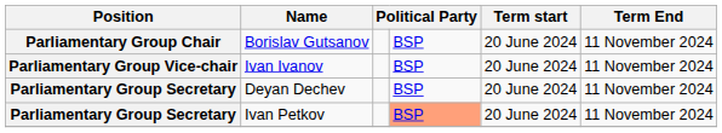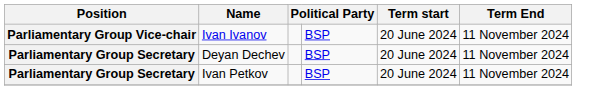 <table class="wikitable plainrowheaders">
 <tr>
 <th>Position</th>
 <th>Name</th>
 <th colspan="2">Political Party</th>
 <th>Term start</th>
 <th>Term End</th>
-</tr>
-<tr>
-<th>Parliamentary Group Chair</th>
-<td><a href='#'>Borislav Gutsanov</a></td>
-<td style="background:"></td>
-<td><a href='#'>BSP</a></td>
-<td>20 June 2024</td>
-<td>11 November 2024</td>
 </tr>
 <tr>
 <th>Parliamentary Group Vice-chair</th>
 <td><a href='#'>Ivan Ivanov</a></td>
 <td style="background:"></td>
 <td><a href='#'>BSP</a></td>
 <td>20 June 2024</td>
 <td>11 November 2024</td>
 </tr>
 <tr>
 <th>Parliamentary Group Secretary</th>
 <td>Deyan Dechev</td>
 <td style="background:"></td>
 <td><a href='#'>BSP</a></td>
 <td>20 June 2024</td>
 <td>11 November 2024</td>
 </tr>
 <tr>
 <th>Parliamentary Group Secretary</th>
 <td>Ivan Petkov</td>
 <td style="background:"></td>
-<td style="background: lightsalmon;"><a href='#'>BSP</a></td>
+<td><a href='#'>BSP</a></td>
 <td>20 June 2024</td>
 <td>11 November 2024</td>
 </tr>
 <tr>
 </tr>
 </table>
